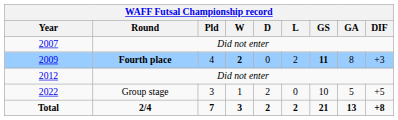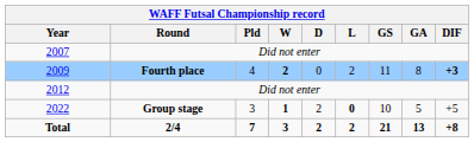 <table class="wikitable" style="text-align: center;font-size:90%;">
 <tr>
 <th colspan=9><a href='#'>WAFF Futsal Championship record</a></th>
 </tr>
 <tr>
 <th width=125>Year</th>
 <th width=150>Round</th>
 <th width=35>Pld</th>
 <th width=35>W</th>
 <th width=35>D</th>
 <th width=35>L</th>
 <th width=35>GS</th>
 <th width=35>GA</th>
 <th width=35>DIF</th>
 </tr>
 <tr bgcolor=>
 <td> <a href='#'>2007</a></td>
 <td colspan=8><em>Did not enter</em></td>
 </tr>
 <tr bgcolor="#9acdff">
 <td> <a href='#'>2009</a></td>
 <td><strong>Fourth place</strong></td>
 <td>4</td>
 <td><strong>2</strong></td>
 <td>0</td>
 <td>2</td>
-<td><strong>11</strong></td>
+<td>11</td>
 <td>8</td>
-<td>+3</td>
+<td><strong>+3</strong></td>
 </tr>
 <tr bgcolor=>
 <td> <a href='#'>2012</a></td>
 <td colspan=8><em>Did not enter</em></td>
 </tr>
 <tr bgcolor=>
 <td> <a href='#'>2022</a></td>
-<td>Group stage</td>
+<td><strong>Group stage</strong></td>
 <td>3</td>
-<td>1</td>
+<td><strong>1</strong></td>
 <td>2</td>
-<td>0</td>
+<td><strong>0</strong></td>
 <td>10</td>
 <td>5</td>
 <td>+5</td>
 </tr>
 <tr bgcolor=>
 <td><strong>Total</strong></td>
 <td><strong>2/4</strong></td>
 <td><strong>7</strong></td>
 <td><strong>3</strong></td>
 <td><strong>2</strong></td>
 <td><strong>2</strong></td>
 <td><strong>21</strong></td>
 <td><strong>13</strong></td>
 <td><strong>+8</strong></td>
 </tr>
 </table>
